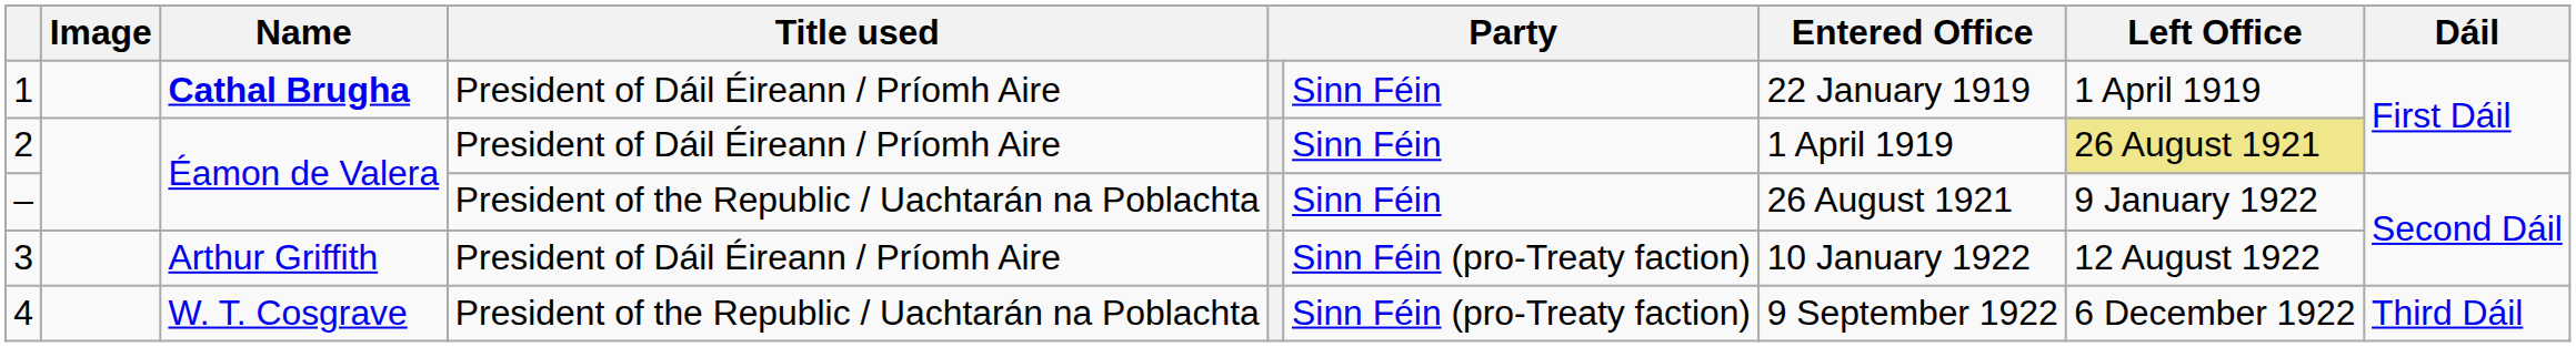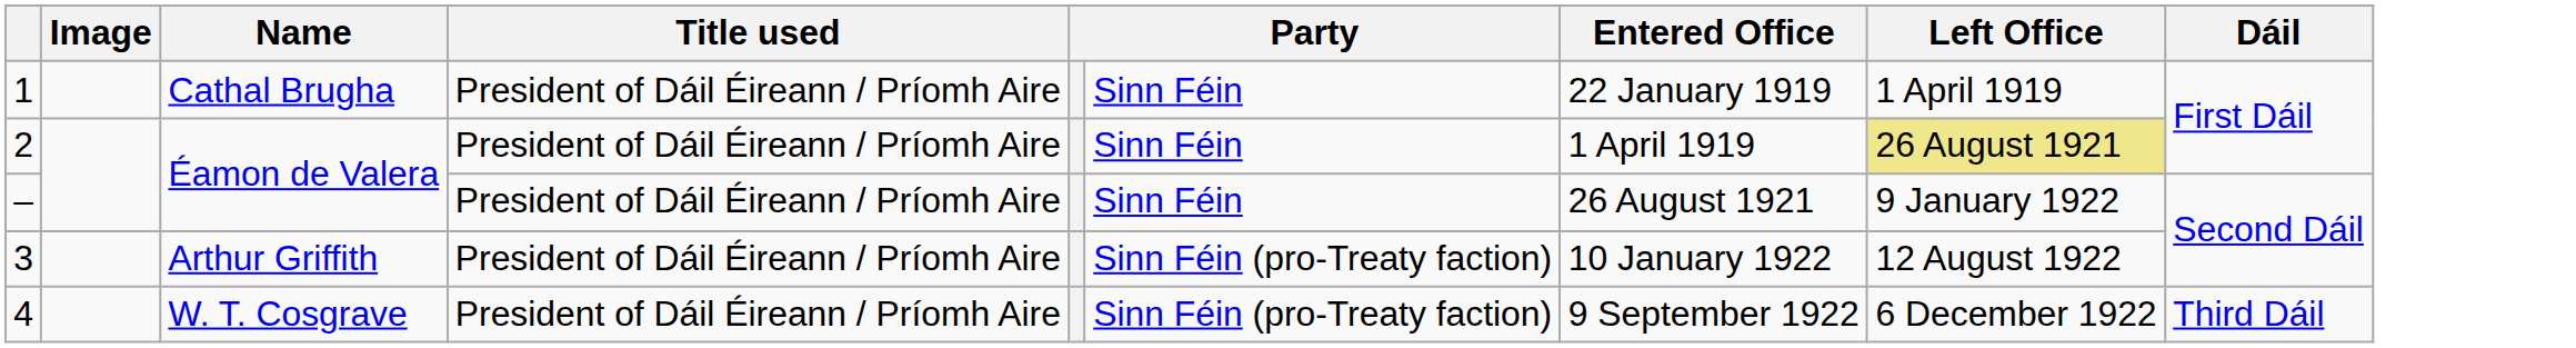 <table class="wikitable">
 <tr>
 <th></th>
 <th>Image</th>
 <th>Name</th>
 <th>Title used</th>
 <th colspan="2">Party</th>
 <th>Entered Office</th>
 <th>Left Office</th>
 <th>Dáil</th>
 </tr>
 <tr>
 <td>1</td>
 <td></td>
-<td><strong><a href='#'>Cathal Brugha</a></strong></td>
+<td><a href='#'>Cathal Brugha</a></td>
 <td>President of Dáil Éireann / Príomh Aire</td>
 <th style="background-color: "></th>
 <td><a href='#'>Sinn Féin</a></td>
 <td>22 January 1919</td>
 <td>1 April 1919</td>
 <td rowspan=2><a href='#'>First Dáil</a></td>
 </tr>
 <tr>
 <td>2</td>
 <td rowspan="2"></td>
 <td rowspan="2"><a href='#'>Éamon de Valera</a></td>
 <td>President of Dáil Éireann / Príomh Aire</td>
 <th style="background-color: "></th>
 <td><a href='#'>Sinn Féin</a></td>
 <td>1 April 1919</td>
 <td style="background: khaki;">26 August 1921</td>
 </tr>
 <tr>
 <td>–</td>
-<td>President of the Republic / Uachtarán na Poblachta</td>
+<td>President of Dáil Éireann / Príomh Aire</td>
 <th style="background-color: "></th>
 <td><a href='#'>Sinn Féin</a></td>
 <td>26 August 1921</td>
 <td>9 January 1922</td>
 <td rowspan=2><a href='#'>Second Dáil</a></td>
 </tr>
 <tr>
 <td>3</td>
 <td></td>
 <td><a href='#'>Arthur Griffith</a></td>
 <td>President of Dáil Éireann / Príomh Aire</td>
 <th style="background-color: "></th>
 <td><a href='#'>Sinn Féin</a> (pro-Treaty faction)</td>
 <td>10 January 1922</td>
 <td>12 August 1922</td>
 </tr>
 <tr>
 <td>4</td>
 <td></td>
 <td><a href='#'>W. T. Cosgrave</a></td>
-<td>President of the Republic / Uachtarán na Poblachta</td>
+<td>President of Dáil Éireann / Príomh Aire</td>
 <th style="background-color: "></th>
 <td><a href='#'>Sinn Féin</a> (pro-Treaty faction)</td>
 <td>9 September 1922</td>
 <td>6 December 1922</td>
 <td><a href='#'>Third Dáil</a></td>
 </tr>
 </table>
